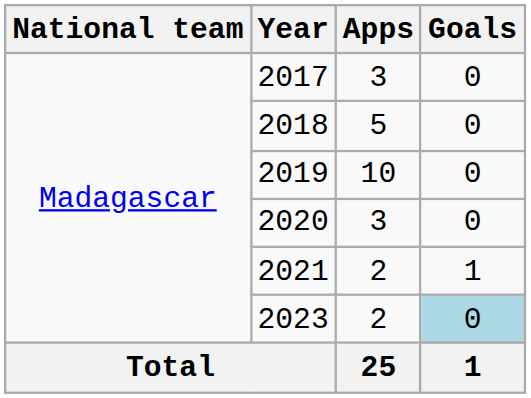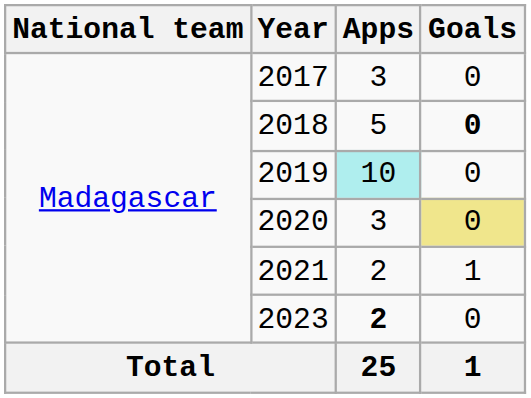 <table class="wikitable" style="text-align:center">
 <tr>
 <th>National team</th>
 <th>Year</th>
 <th>Apps</th>
 <th>Goals</th>
 </tr>
 <tr>
 <td rowspan="6"><a href='#'>Madagascar</a></td>
 <td>2017</td>
 <td>3</td>
 <td>0</td>
 </tr>
 <tr>
 <td>2018</td>
 <td>5</td>
-<td>0</td>
+<td><strong>0</strong></td>
 </tr>
 <tr>
 <td>2019</td>
-<td>10</td>
+<td style="background: paleturquoise;">10</td>
 <td>0</td>
 </tr>
 <tr>
 <td>2020</td>
 <td>3</td>
-<td>0</td>
+<td style="background: khaki;">0</td>
 </tr>
 <tr>
 <td>2021</td>
 <td>2</td>
 <td>1</td>
 </tr>
 <tr>
 <td>2023</td>
-<td>2</td>
-<td style="background: lightblue;">0</td>
+<td><strong>2</strong></td>
+<td>0</td>
 </tr>
 <tr>
 <th colspan="2">Total</th>
 <th>25</th>
 <th>1</th>
 </tr>
 </table>
